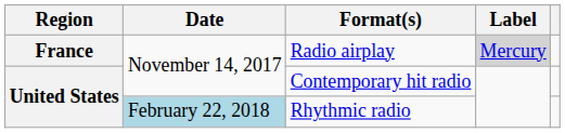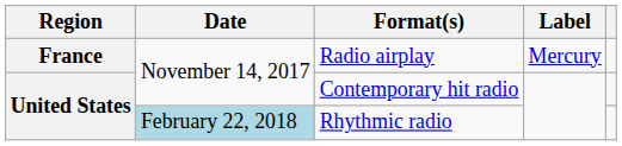 <table class="wikitable plainrowheaders">
 <tr>
 <th scope="col">Region</th>
 <th scope="col">Date</th>
 <th scope="col">Format(s)</th>
 <th scope="col">Label</th>
 <th scope="col"></th>
 </tr>
 <tr>
 <th scope="row">France</th>
 <td rowspan="2">November 14, 2017</td>
 <td><a href='#'>Radio airplay</a></td>
-<td style="background: lightgrey;"><a href='#'>Mercury</a></td>
+<td><a href='#'>Mercury</a></td>
 <td style="text-align:center;"></td>
 </tr>
 <tr>
 <th scope="row" rowspan="2">United States</th>
 <td><a href='#'>Contemporary hit radio</a></td>
 <td rowspan="2"></td>
 <td style="text-align:center;"></td>
 </tr>
 <tr>
 <td style="background: lightblue;">February 22, 2018</td>
 <td><a href='#'>Rhythmic radio</a></td>
 <td style="text-align:center;"></td>
 </tr>
 </table>
